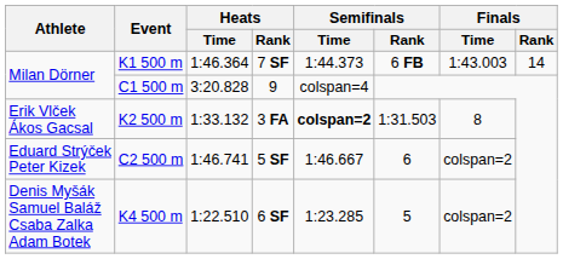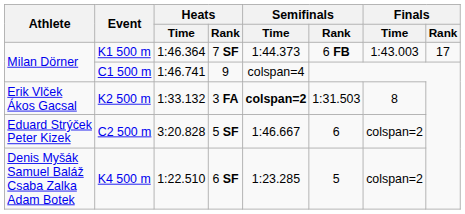 <table class="wikitable" style="font-size:90%">
 <tr>
 <th rowspan="2">Athlete</th>
 <th rowspan="2">Event</th>
 <th colspan=2>Heats</th>
 <th colspan=2>Semifinals</th>
 <th colspan=2>Finals</th>
 </tr>
 <tr style="font-size:95%">
 <th>Time</th>
 <th>Rank</th>
 <th>Time</th>
 <th>Rank</th>
 <th>Time</th>
 <th>Rank</th>
 </tr>
 <tr align=center>
 <td align=left rowspan=2><a href='#'>Milan Dörner</a></td>
 <td align=left><a href='#'>K1 500 m</a></td>
 <td>1:46.364</td>
 <td>7 <strong>SF</strong></td>
 <td>1:44.373</td>
 <td>6 <strong>FB</strong></td>
 <td>1:43.003</td>
-<td>14</td>
+<td>17</td>
 </tr>
 <tr align=center>
 <td align=left><a href='#'>C1 500 m</a></td>
-<td>3:20.828</td>
+<td>1:46.741</td>
 <td>9</td>
 <td>colspan=4 </td>
 </tr>
 <tr align=center>
 <td align=left><a href='#'>Erik Vlček</a><br><a href='#'>Ákos Gacsal</a></td>
 <td align=left><a href='#'>K2 500 m</a></td>
 <td>1:33.132</td>
 <td>3 <strong>FA</strong></td>
 <td><strong>colspan=2 </strong></td>
 <td>1:31.503</td>
 <td>8</td>
 </tr>
 <tr align=center>
 <td align=left><a href='#'>Eduard Strýček</a><br><a href='#'>Peter Kizek</a></td>
 <td align=left><a href='#'>C2 500 m</a></td>
-<td>1:46.741</td>
+<td>3:20.828</td>
 <td>5 <strong>SF</strong></td>
 <td>1:46.667</td>
 <td>6</td>
 <td>colspan=2 </td>
 </tr>
 <tr align=center>
 <td align=left><a href='#'>Denis Myšák</a><br><a href='#'>Samuel Baláž</a><br><a href='#'>Csaba Zalka</a><br><a href='#'>Adam Botek</a></td>
 <td align=left><a href='#'>K4 500 m</a></td>
 <td>1:22.510</td>
 <td>6 <strong>SF</strong></td>
 <td>1:23.285</td>
 <td>5</td>
 <td>colspan=2 </td>
 </tr>
 </table>
